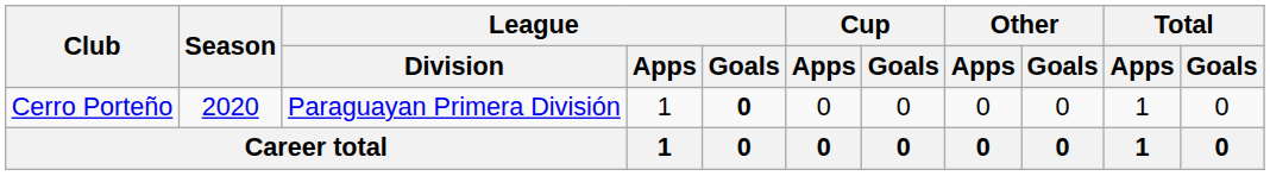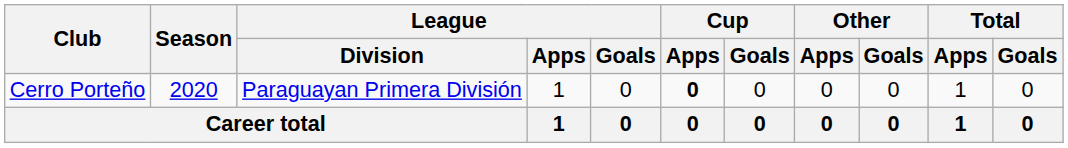 <table class=wikitable style=text-align:center>
 <tr>
 <th rowspan=2>Club</th>
 <th rowspan=2>Season</th>
 <th colspan=3>League</th>
 <th colspan=2>Cup</th>
 <th colspan=2>Other</th>
 <th colspan=2>Total</th>
 </tr>
 <tr>
 <th>Division</th>
 <th>Apps</th>
 <th>Goals</th>
 <th>Apps</th>
 <th>Goals</th>
 <th>Apps</th>
 <th>Goals</th>
 <th>Apps</th>
 <th>Goals</th>
 </tr>
 <tr>
 <td rowspan=1><a href='#'>Cerro Porteño</a></td>
 <td><a href='#'>2020</a></td>
 <td><a href='#'>Paraguayan Primera División</a></td>
 <td>1</td>
+<td>0</td>
 <td><strong>0</strong></td>
-<td>0</td>
 <td>0</td>
 <td>0</td>
 <td>0</td>
 <td>1</td>
 <td>0</td>
 </tr>
 <tr>
 <th colspan=3>Career total</th>
 <th>1</th>
 <th>0</th>
 <th>0</th>
 <th>0</th>
 <th>0</th>
 <th>0</th>
 <th>1</th>
 <th>0</th>
 </tr>
 </table>
